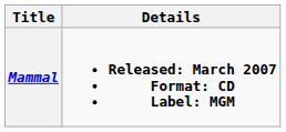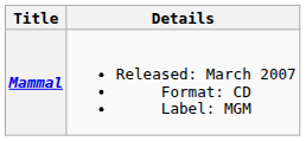 <table class="wikitable plainrowheaders" style="text-align:center;" border="1">
 <tr>
 <th>Title</th>
 <th>Details</th>
 </tr>
 <tr>
 <th scope="row"><em><a href='#'>Mammal</a></em></th>
-<td><strong><br><ul><li>Released: March 2007</li><li>Format: CD</li><li>Label: MGM</li></ul></strong></td>
+<td><br><ul><li>Released: March 2007</li><li>Format: CD</li><li>Label: MGM</li></ul></td>
 </tr>
 </table>
